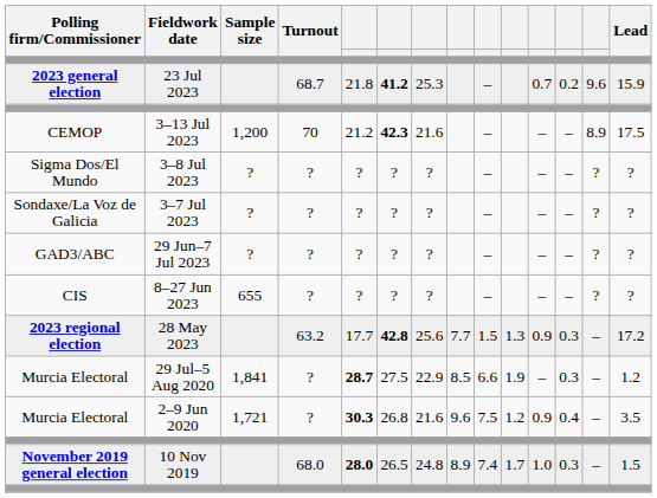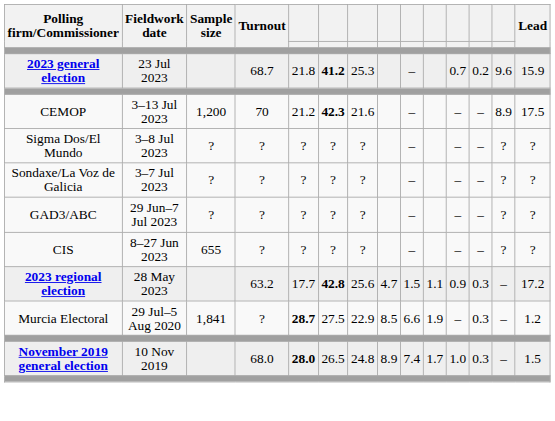 <table class="wikitable collapsible collapsed" style="text-align:center; font-size:95%; line-height:16px;">
 <tr style="height:42px;">
 <th style="width:250px;" rowspan="2">Polling firm/Commissioner</th>
 <th style="width:125px;" rowspan="2">Fieldwork date</th>
 <th style="width:50px;" rowspan="2">Sample size</th>
 <th style="width:45px;" rowspan="2">Turnout</th>
 <th style="width:35px;"></th>
 <th style="width:35px;"></th>
 <th style="width:35px;"></th>
 <th style="width:35px;"></th>
 <th style="width:35px;"></th>
 <th style="width:35px;"></th>
 <th style="width:35px;"></th>
 <th style="width:35px;"></th>
 <th style="width:35px;"></th>
 <th style="width:30px;" rowspan="2">Lead</th>
 </tr>
 <tr>
 <th style="color:inherit;background:"></th>
 <th style="color:inherit;background:"></th>
 <th style="color:inherit;background:"></th>
 <th style="color:inherit;background:"></th>
 <th style="color:inherit;background:"></th>
 <th style="color:inherit;background:"></th>
 <th style="color:inherit;background:"></th>
 <th style="color:inherit;background:"></th>
 <th style="color:inherit;background:"></th>
 </tr>
 <tr>
 <td colspan="14" style="background:#A0A0A0"></td>
 </tr>
 <tr style="background:#EFEFEF;">
 <td><strong><a href='#'>2023 general election</a></strong></td>
 <td>23 Jul 2023</td>
 <td></td>
 <td>68.7</td>
 <td>21.8<br></td>
 <td><strong>41.2</strong><br></td>
 <td>25.3<br></td>
 <td></td>
 <td>–</td>
 <td></td>
 <td>0.7<br></td>
 <td>0.2<br></td>
 <td>9.6<br></td>
 <td style="background:">15.9</td>
 </tr>
 <tr>
 <td colspan="14" style="background:#A0A0A0"></td>
 </tr>
 <tr>
 <td>CEMOP</td>
 <td>3–13 Jul 2023</td>
 <td>1,200</td>
 <td>70</td>
 <td>21.2<br></td>
 <td><strong>42.3</strong><br></td>
 <td>21.6<br></td>
 <td></td>
 <td>–</td>
 <td></td>
 <td>–</td>
 <td>–</td>
 <td>8.9<br></td>
 <td style="background:">17.5</td>
 </tr>
 <tr>
 <td>Sigma Dos/El Mundo</td>
 <td>3–8 Jul 2023</td>
 <td>?</td>
 <td>?</td>
 <td>?<br></td>
 <td>?<br></td>
 <td>?<br></td>
 <td></td>
 <td>–</td>
 <td></td>
 <td>–</td>
 <td>–</td>
 <td>?<br></td>
 <td style="background:">?</td>
 </tr>
 <tr>
 <td>Sondaxe/La Voz de Galicia</td>
 <td>3–7 Jul 2023</td>
 <td>?</td>
 <td>?</td>
 <td>?<br></td>
 <td>?<br></td>
 <td>?<br></td>
 <td></td>
 <td>–</td>
 <td></td>
 <td>–</td>
 <td>–</td>
 <td>?<br></td>
 <td style="background:">?</td>
 </tr>
 <tr>
 <td>GAD3/ABC</td>
 <td>29 Jun–7 Jul 2023</td>
 <td>?</td>
 <td>?</td>
 <td>?<br></td>
 <td>?<br></td>
 <td>?<br></td>
 <td></td>
 <td>–</td>
 <td></td>
 <td>–</td>
 <td>–</td>
 <td>?<br></td>
 <td style="background:">?</td>
 </tr>
 <tr>
 <td>CIS</td>
 <td>8–27 Jun 2023</td>
 <td>655</td>
 <td>?</td>
 <td>?<br></td>
 <td>?<br></td>
 <td>?<br></td>
 <td></td>
 <td>–</td>
 <td></td>
 <td>–</td>
 <td>–</td>
 <td>?<br></td>
 <td style="background:">?</td>
 </tr>
 <tr style="background:#EFEFEF;">
 <td><strong><a href='#'>2023 regional election</a></strong></td>
 <td>28 May 2023</td>
 <td></td>
 <td>63.2</td>
 <td>17.7<br></td>
 <td><strong>42.8</strong><br></td>
 <td>25.6<br></td>
-<td>7.7<br></td>
+<td>4.7<br></td>
 <td>1.5<br></td>
-<td>1.3<br></td>
+<td>1.1<br></td>
 <td>0.9<br></td>
 <td>0.3<br></td>
 <td>–</td>
 <td style="background:">17.2</td>
 </tr>
 <tr>
 <td>Murcia Electoral</td>
 <td>29 Jul–5 Aug 2020</td>
 <td>1,841</td>
 <td>?</td>
 <td><strong>28.7</strong><br></td>
 <td>27.5<br></td>
 <td>22.9<br></td>
 <td>8.5<br></td>
 <td>6.6<br></td>
 <td>1.9<br></td>
 <td>–</td>
 <td>0.3<br></td>
 <td>–</td>
 <td style="background:">1.2</td>
-</tr>
-<tr>
-<td>Murcia Electoral</td>
-<td>2–9 Jun 2020</td>
-<td>1,721</td>
-<td>?</td>
-<td><strong>30.3</strong><br></td>
-<td>26.8<br></td>
-<td>21.6<br></td>
-<td>9.6<br></td>
-<td>7.5<br></td>
-<td>1.2<br></td>
-<td>0.9<br></td>
-<td>0.4<br></td>
-<td>–</td>
-<td style="background:">3.5</td>
 </tr>
 <tr>
 <td colspan="14" style="background:#A0A0A0"></td>
 </tr>
 <tr style="background:#EFEFEF;">
 <td><strong><a href='#'>November 2019 general election</a></strong></td>
 <td>10 Nov 2019</td>
 <td></td>
 <td>68.0</td>
 <td><strong>28.0</strong><br></td>
 <td>26.5<br></td>
 <td>24.8<br></td>
 <td>8.9<br></td>
 <td>7.4<br></td>
 <td>1.7<br></td>
 <td>1.0<br></td>
 <td>0.3<br></td>
 <td>–</td>
 <td style="background:">1.5</td>
 </tr>
 <tr>
 <td colspan="14" style="background:#A0A0A0"></td>
 </tr>
 </table>
